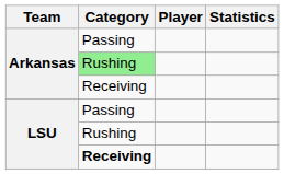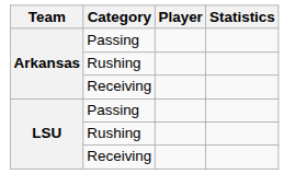 <table class="wikitable" style="float:right">
 <tr>
 <th>Team</th>
 <th>Category</th>
 <th>Player</th>
 <th>Statistics</th>
 </tr>
 <tr>
 <th rowspan=3>Arkansas</th>
 <td>Passing</td>
 <td></td>
 <td></td>
 </tr>
 <tr>
-<td style="background: lightgreen;">Rushing</td>
+<td>Rushing</td>
 <td></td>
 <td></td>
 </tr>
 <tr>
 <td>Receiving</td>
 <td></td>
 <td></td>
 </tr>
 <tr>
 <th rowspan=3>LSU</th>
 <td>Passing</td>
 <td></td>
 <td></td>
 </tr>
 <tr>
 <td>Rushing</td>
 <td></td>
 <td></td>
 </tr>
 <tr>
-<td><strong>Receiving</strong></td>
+<td>Receiving</td>
 <td></td>
 <td></td>
 </tr>
 </table>
